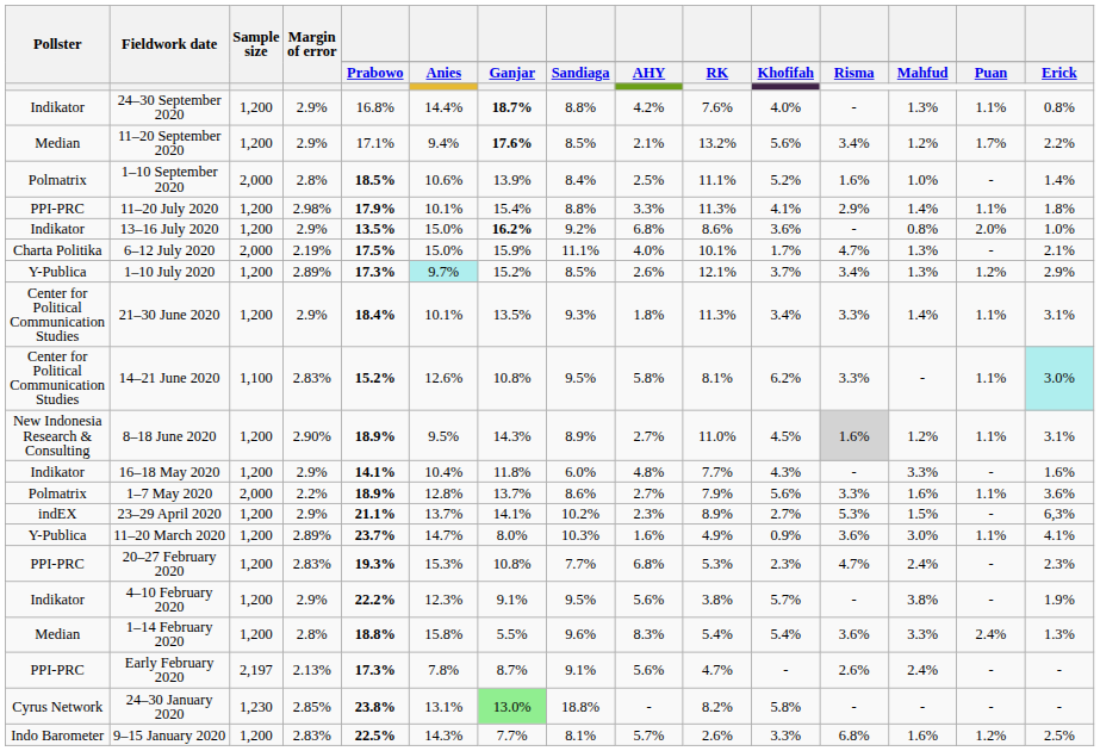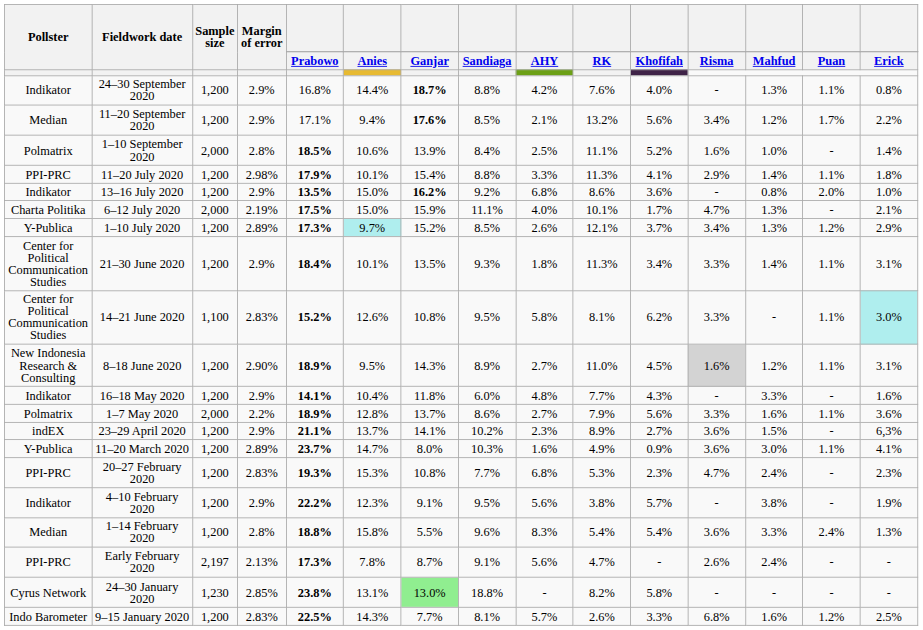 <table class="wikitable" style="text-align:center; font-size:90%; line-height:14px;">
 <tr style="height:55px; background-color:#E9E9E9">
 <th rowspan="3" style="width:95px;">Pollster</th>
 <th rowspan="3" style="width:110px;">Fieldwork date</th>
 <th style="width:35px;" rowspan="3">Sample size</th>
 <th style="width:50px;" rowspan="3">Margin of error</th>
 <th style="width:60px;"></th>
 <th style="width:60px;"></th>
 <th style="width:60px;"></th>
 <th style="width:60px;"></th>
 <th style="width:60px;"></th>
 <th style="width:60px;"></th>
 <th style="width:60px;"></th>
 <th style="width:60px;"></th>
 <th style="width:60px;"></th>
 <th style="width:60px;"></th>
 <th style="width:60px;"></th>
 </tr>
 <tr>
 </tr>
 <tr>
 <th><a href='#'>Prabowo</a> <br></th>
 <th><a href='#'>Anies</a> <br></th>
 <th><a href='#'>Ganjar</a> <br></th>
 <th><a href='#'>Sandiaga</a> <br></th>
 <th><a href='#'>AHY</a> <br></th>
 <th><a href='#'>RK</a> <br></th>
 <th><a href='#'>Khofifah</a> <br></th>
 <th><a href='#'>Risma</a> <br></th>
 <th><a href='#'>Mahfud</a> <br></th>
 <th><a href='#'>Puan</a> <br></th>
 <th><a href='#'>Erick</a> <br></th>
 </tr>
 <tr>
 <th class="unsortable" style="color:inherit;background:"></th>
 <th class="unsortable" style="color:inherit;background:"></th>
 <th class="unsortable" style="color:inherit;background:"></th>
 <th class="unsortable" style="color:inherit;background:"></th>
 <th class="unsortable" style="color:inherit;background:"></th>
 <th class="unsortable" style="color:inherit;background:#E7BA32; width:40px;"></th>
 <th class="unsortable" style="color:inherit;background:"></th>
 <th class="unsortable" style="color:inherit;background:"></th>
 <th class="unsortable" style="color:inherit;background:#6CA016; width:40px;"></th>
 <th class="unsortable" style="color:inherit;background:"></th>
 <th class="unsortable" style="color:inherit;background:#3F2347; width:40px;"></th>
 </tr>
 <tr>
 <td>Indikator</td>
 <td>24–30 September 2020</td>
 <td>1,200</td>
 <td>2.9%</td>
 <td>16.8% </td>
 <td>14.4% </td>
 <td style="background-color:#"><strong>18.7%</strong> </td>
 <td>8.8% </td>
 <td>4.2% </td>
 <td>7.6% </td>
 <td>4.0% </td>
 <td>- </td>
 <td>1.3% </td>
 <td>1.1%</td>
 <td>0.8% </td>
 </tr>
 <tr>
 <td>Median</td>
 <td>11–20 September 2020</td>
 <td>1,200</td>
 <td>2.9%</td>
 <td>17.1% </td>
 <td>9.4% </td>
 <td style="background-color:#"><strong>17.6%</strong> </td>
 <td>8.5% </td>
 <td>2.1% </td>
 <td>13.2% </td>
 <td>5.6% </td>
 <td>3.4% </td>
 <td>1.2% </td>
 <td>1.7% </td>
 <td>2.2% </td>
 </tr>
 <tr>
 <td>Polmatrix</td>
 <td>1–10 September 2020</td>
 <td>2,000</td>
 <td>2.8%</td>
 <td style="background-color:#"><strong>18.5%</strong> </td>
 <td>10.6% </td>
 <td>13.9% </td>
 <td>8.4% </td>
 <td>2.5% </td>
 <td>11.1% </td>
 <td>5.2% </td>
 <td>1.6% </td>
 <td>1.0% </td>
 <td>- </td>
 <td>1.4% </td>
 </tr>
 <tr>
 <td>PPI-PRC</td>
 <td>11–20 July 2020</td>
 <td>1,200</td>
 <td>2.98%</td>
 <td style="background-color:#"><strong>17.9%</strong> </td>
 <td>10.1% </td>
 <td>15.4% </td>
 <td>8.8% </td>
 <td>3.3% </td>
 <td>11.3% </td>
 <td>4.1% </td>
 <td>2.9% </td>
 <td>1.4% </td>
 <td>1.1% </td>
 <td>1.8% </td>
 </tr>
 <tr>
 <td>Indikator</td>
 <td>13–16 July 2020</td>
 <td>1,200</td>
 <td>2.9%</td>
 <td><strong>13.5% </strong></td>
 <td>15.0% </td>
 <td style="background-color:#"><strong>16.2%</strong> </td>
 <td>9.2% </td>
 <td>6.8% </td>
 <td>8.6% </td>
 <td>3.6% </td>
 <td>- </td>
 <td>0.8% </td>
 <td>2.0% </td>
 <td>1.0% </td>
 </tr>
 <tr>
 <td>Charta Politika</td>
 <td>6–12 July 2020</td>
 <td>2,000</td>
 <td>2.19%</td>
 <td style="background-color:#"><strong>17.5%</strong> </td>
 <td>15.0% </td>
 <td>15.9% </td>
 <td>11.1% </td>
 <td>4.0% </td>
 <td>10.1% </td>
 <td>1.7% </td>
 <td>4.7% </td>
 <td>1.3% </td>
 <td>- </td>
 <td>2.1% </td>
 </tr>
 <tr>
 <td>Y-Publica</td>
 <td>1–10 July 2020</td>
 <td>1,200</td>
 <td>2.89%</td>
 <td style="background-color:#"><strong>17.3%</strong> </td>
 <td style="background: paleturquoise;">9.7% </td>
 <td>15.2% </td>
 <td>8.5% </td>
 <td>2.6% </td>
 <td>12.1% </td>
 <td>3.7% </td>
 <td>3.4% </td>
 <td>1.3% </td>
 <td>1.2% </td>
 <td>2.9% </td>
 </tr>
 <tr>
 <td>Center for Political Communication Studies</td>
 <td>21–30 June 2020</td>
 <td>1,200</td>
 <td>2.9%</td>
 <td style="background-color:#"><strong>18.4%</strong> </td>
 <td>10.1% </td>
 <td>13.5% </td>
 <td>9.3% </td>
 <td>1.8% </td>
 <td>11.3% </td>
 <td>3.4% </td>
 <td>3.3% </td>
 <td>1.4% </td>
 <td>1.1%</td>
 <td>3.1% </td>
 </tr>
 <tr>
 <td>Center for Political Communication Studies</td>
 <td>14–21 June 2020</td>
 <td>1,100</td>
 <td>2.83%</td>
 <td style="background-color:#"><strong>15.2%</strong> </td>
 <td>12.6% </td>
 <td>10.8% </td>
 <td>9.5% </td>
 <td>5.8% </td>
 <td>8.1% </td>
 <td>6.2% </td>
 <td>3.3%</td>
 <td>- </td>
 <td>1.1% </td>
 <td style="background: paleturquoise;">3.0% </td>
 </tr>
 <tr>
 <td>New Indonesia Research & Consulting</td>
 <td>8–18 June 2020</td>
 <td>1,200</td>
 <td>2.90%</td>
 <td style="background-color:#"><strong>18.9%</strong> </td>
 <td>9.5% </td>
 <td>14.3% </td>
 <td>8.9% </td>
 <td>2.7% </td>
 <td>11.0% </td>
 <td>4.5% </td>
 <td style="background: lightgrey;">1.6% </td>
 <td>1.2% </td>
 <td>1.1% </td>
 <td>3.1% </td>
 </tr>
 <tr>
 <td>Indikator</td>
 <td>16–18 May 2020</td>
 <td>1,200</td>
 <td>2.9%</td>
 <td style="background-color:#"><strong>14.1%</strong></td>
 <td>10.4%</td>
 <td>11.8%</td>
 <td>6.0%</td>
 <td>4.8%</td>
 <td>7.7%</td>
 <td>4.3%</td>
 <td>-</td>
 <td>3.3%</td>
 <td>-</td>
 <td>1.6%</td>
 </tr>
 <tr>
 <td>Polmatrix</td>
 <td>1–7 May 2020</td>
 <td>2,000</td>
 <td>2.2%</td>
 <td style="background-color:#"><strong>18.9%</strong></td>
 <td>12.8%</td>
 <td>13.7%</td>
 <td>8.6%</td>
 <td>2.7%</td>
 <td>7.9%</td>
 <td>5.6%</td>
 <td>3.3%</td>
 <td>1.6%</td>
 <td>1.1%</td>
 <td>3.6%</td>
 </tr>
 <tr>
 <td>indEX</td>
 <td>23–29 April 2020</td>
 <td>1,200</td>
 <td>2.9%</td>
 <td style="background-color:#"><strong>21.1%</strong></td>
 <td>13.7%</td>
 <td>14.1%</td>
 <td>10.2%</td>
 <td>2.3%</td>
 <td>8.9%</td>
 <td>2.7%</td>
-<td>5.3%</td>
+<td>3.6% </td>
 <td>1.5%</td>
 <td>-</td>
 <td>6,3%</td>
 </tr>
 <tr>
 <td>Y-Publica</td>
 <td>11–20 March 2020</td>
 <td>1,200</td>
 <td>2.89%</td>
 <td style="background-color:#"><strong>23.7%</strong> </td>
 <td>14.7% </td>
 <td>8.0% </td>
 <td>10.3% </td>
 <td>1.6% </td>
 <td>4.9% </td>
 <td>0.9% </td>
 <td>3.6% </td>
 <td>3.0% </td>
 <td>1.1% </td>
 <td>4.1% </td>
 </tr>
 <tr>
 <td>PPI-PRC</td>
 <td>20–27 February 2020</td>
 <td>1,200</td>
 <td>2.83%</td>
 <td style="background-color:#"><strong>19.3%</strong> </td>
 <td>15.3% </td>
 <td>10.8% </td>
 <td>7.7% </td>
 <td>6.8% </td>
 <td>5.3% </td>
 <td>2.3% </td>
 <td>4.7% </td>
 <td>2.4% </td>
 <td>- </td>
 <td>2.3% </td>
 </tr>
 <tr>
 <td>Indikator</td>
 <td>4–10 February 2020</td>
 <td>1,200</td>
 <td>2.9%</td>
 <td style="background-color:#"><strong>22.2%</strong></td>
 <td>12.3%</td>
 <td>9.1%</td>
 <td>9.5%</td>
 <td>5.6%</td>
 <td>3.8%</td>
 <td>5.7%</td>
 <td>-</td>
 <td>3.8%</td>
 <td>-</td>
 <td>1.9%</td>
 </tr>
 <tr>
 <td>Median</td>
 <td>1–14 February 2020</td>
 <td>1,200</td>
 <td>2.8%</td>
 <td style="background-color:#"><strong>18.8%</strong></td>
 <td>15.8%</td>
 <td>5.5%</td>
 <td>9.6%</td>
 <td>8.3%</td>
 <td>5.4%</td>
 <td>5.4%</td>
 <td>3.6% </td>
 <td>3.3%</td>
 <td>2.4% </td>
 <td>1.3%</td>
 </tr>
 <tr>
 <td>PPI-PRC</td>
 <td>Early February 2020</td>
 <td>2,197</td>
 <td>2.13%</td>
 <td style="background-color:#"><strong>17.3%</strong></td>
 <td>7.8%</td>
 <td>8.7%</td>
 <td>9.1%</td>
 <td>5.6%</td>
 <td>4.7%</td>
 <td>-</td>
 <td>2.6%</td>
 <td>2.4%</td>
 <td>-</td>
 <td>-</td>
 </tr>
 <tr>
 <td>Cyrus Network</td>
 <td>24–30 January 2020</td>
 <td>1,230</td>
 <td>2.85%</td>
 <td style="background-color:#"><strong>23.8%</strong></td>
 <td>13.1%</td>
 <td style="background: lightgreen;">13.0%</td>
 <td>18.8%</td>
 <td>-</td>
 <td>8.2%</td>
 <td>5.8%</td>
 <td>-</td>
 <td>-</td>
 <td>-</td>
 <td>-</td>
 </tr>
 <tr>
 <td>Indo Barometer</td>
 <td>9–15 January 2020</td>
 <td>1,200</td>
 <td>2.83%</td>
 <td style="background-color:#"><strong>22.5%</strong></td>
 <td>14.3%</td>
 <td>7.7%</td>
 <td>8.1%</td>
 <td>5.7%</td>
 <td>2.6%</td>
 <td>3.3%</td>
 <td>6.8%</td>
 <td>1.6%</td>
 <td>1.2% </td>
 <td>2.5%</td>
 </tr>
 </table>
